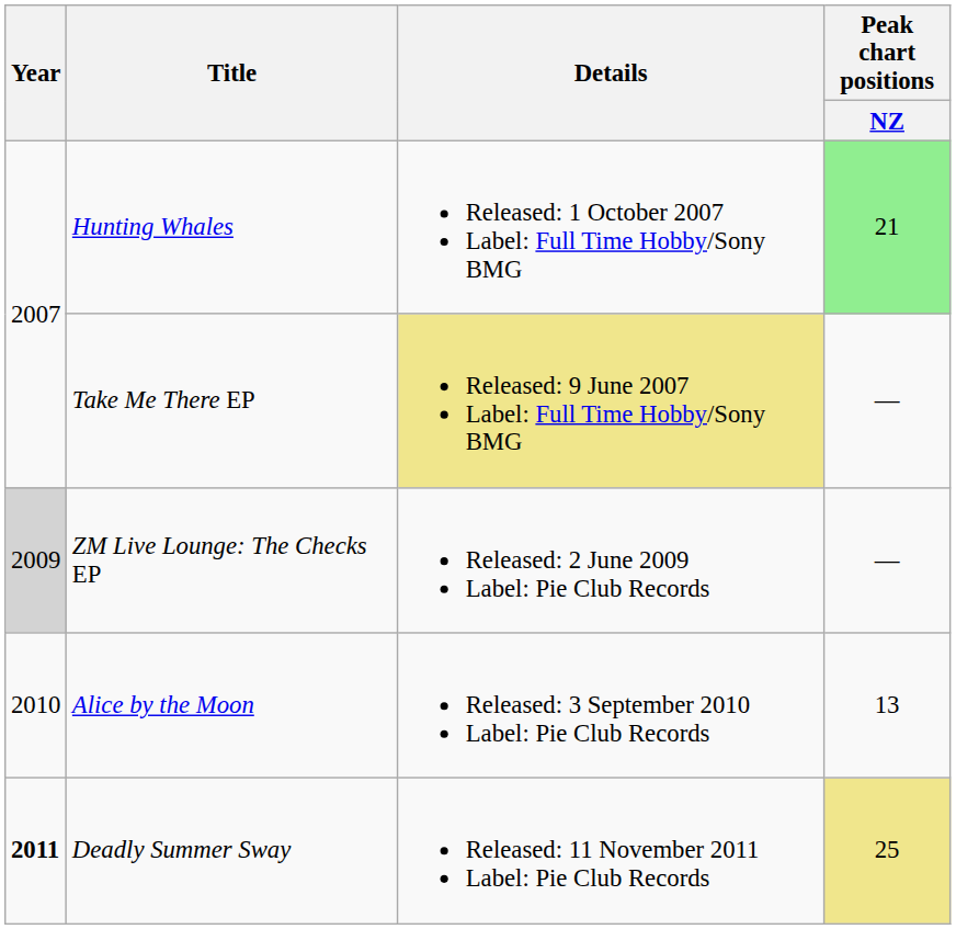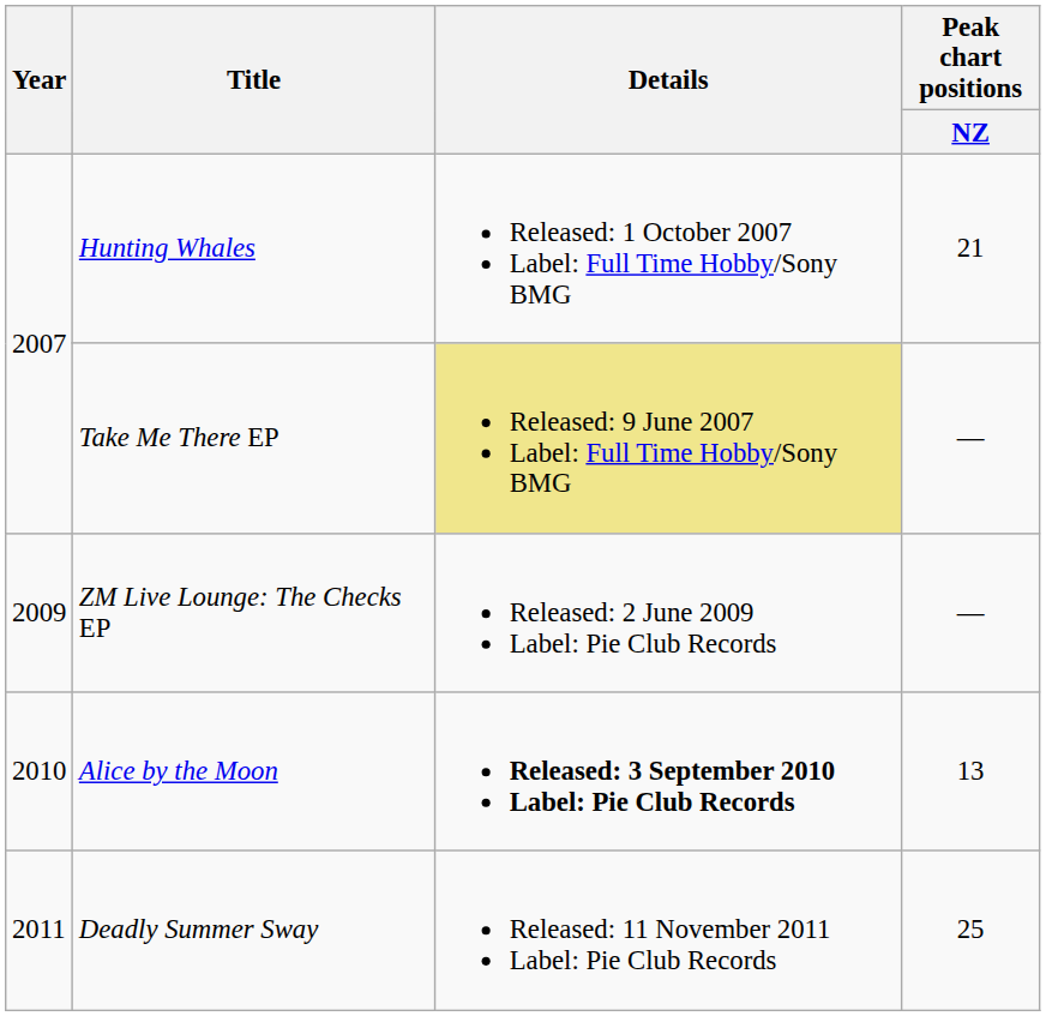 <table class="wikitable plainrowheaders">
 <tr>
 <th rowspan="2">Year</th>
 <th rowspan="2">Title</th>
 <th rowspan="2">Details</th>
 <th colspan="2">Peak chart<br>positions</th>
 </tr>
 <tr>
 <th><a href='#'>NZ</a></th>
 </tr>
 <tr>
 <td rowspan=2>2007</td>
 <td><em><a href='#'>Hunting Whales</a></em></td>
 <td><br><ul><li>Released: 1 October 2007</li><li>Label: <a href='#'>Full Time Hobby</a>/Sony BMG</li></ul></td>
-<td align=center style="background: lightgreen;">21</td>
+<td align=center>21</td>
 </tr>
 <tr>
 <td><em>Take Me There</em> EP</td>
 <td style="background: khaki;"><br><ul><li>Released: 9 June 2007</li><li>Label: <a href='#'>Full Time Hobby</a>/Sony BMG</li></ul></td>
 <td align=center>—</td>
 </tr>
 <tr>
-<td style="background: lightgrey;">2009</td>
+<td>2009</td>
 <td><em>ZM Live Lounge: The Checks</em> EP</td>
 <td><br><ul><li>Released: 2 June 2009</li><li>Label: Pie Club Records</li></ul></td>
 <td align=center>—</td>
 </tr>
 <tr>
 <td>2010</td>
 <td><em><a href='#'>Alice by the Moon</a></em></td>
-<td><br><ul><li>Released: 3 September 2010</li><li>Label: Pie Club Records</li></ul></td>
+<td><strong><br><ul><li>Released: 3 September 2010</li><li>Label: Pie Club Records</li></ul></strong></td>
 <td align=center>13</td>
 </tr>
 <tr>
-<td><strong>2011</strong></td>
+<td>2011</td>
 <td><em>Deadly Summer Sway</em></td>
 <td><br><ul><li>Released: 11 November 2011</li><li>Label: Pie Club Records</li></ul></td>
-<td align=center style="background: khaki;">25</td>
+<td align=center>25</td>
 </tr>
 <tr>
 </tr>
 </table>
